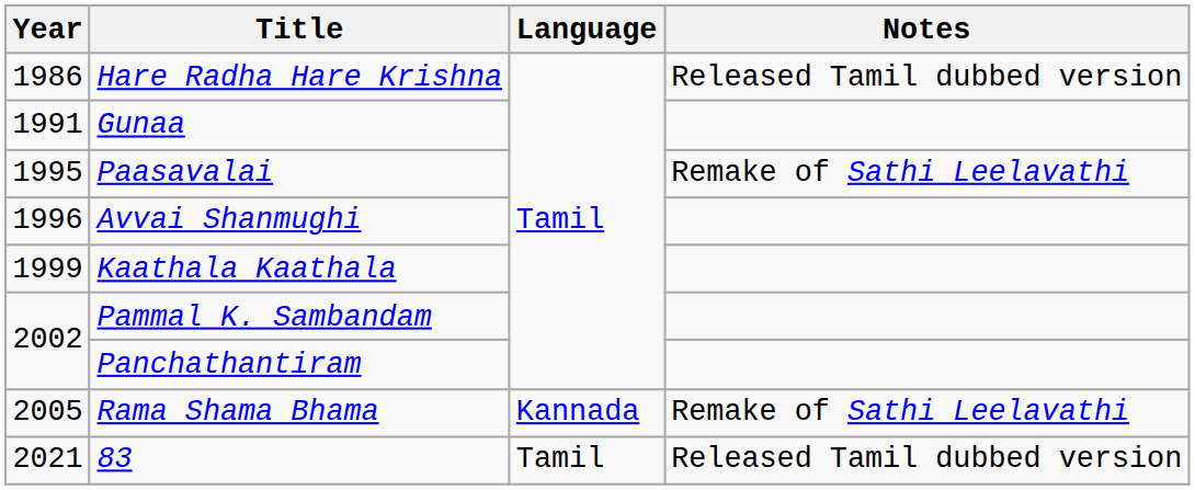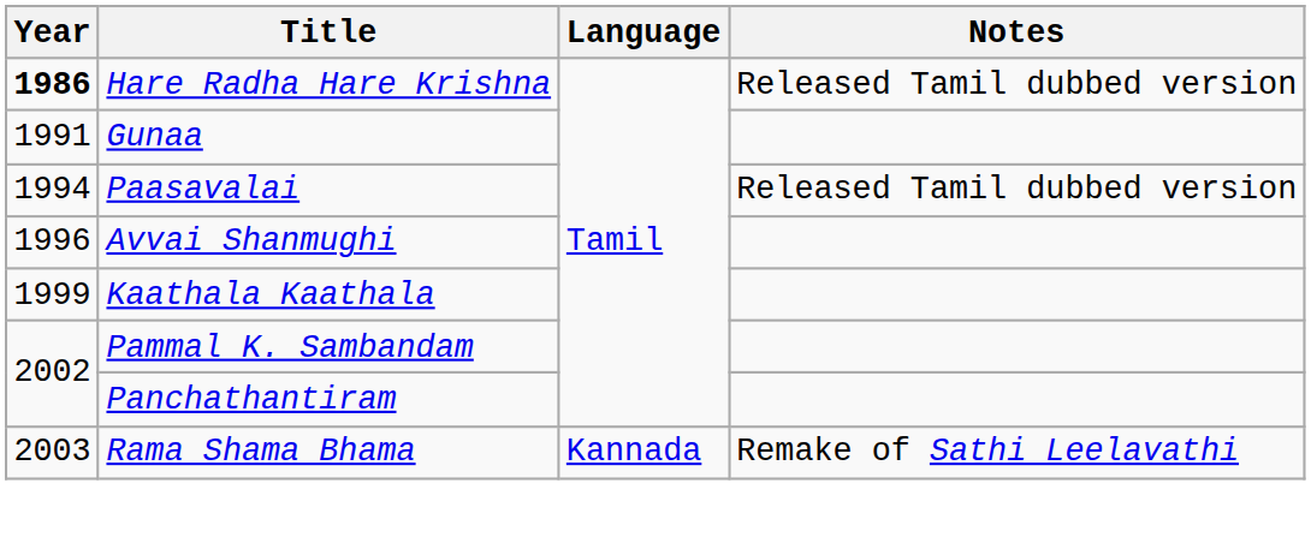 <table class="wikitable sortable">
 <tr>
 <th scope="col">Year</th>
 <th scope="col">Title</th>
 <th scope="col">Language</th>
 <th scope="col" class="unsortable">Notes</th>
 </tr>
 <tr>
-<td>1986</td>
+<td><strong>1986</strong></td>
 <td><em><a href='#'>Hare Radha Hare Krishna</a></em></td>
 <td rowspan="7"><a href='#'>Tamil</a></td>
 <td>Released Tamil dubbed version</td>
 </tr>
 <tr>
 <td>1991</td>
 <td><em><a href='#'>Gunaa</a></em></td>
 <td></td>
 </tr>
 <tr>
-<td>1995</td>
+<td>1994</td>
 <td><em><a href='#'>Paasavalai</a></em></td>
-<td>Remake of <em><a href='#'>Sathi Leelavathi</a></em></td>
+<td>Released Tamil dubbed version</td>
 </tr>
 <tr>
 <td>1996</td>
 <td><em><a href='#'>Avvai Shanmughi</a></em></td>
 <td></td>
 </tr>
 <tr>
 <td>1999</td>
 <td><em><a href='#'>Kaathala Kaathala</a></em></td>
 <td></td>
 </tr>
 <tr>
 <td rowspan="2">2002</td>
 <td><em><a href='#'>Pammal K. Sambandam</a></em></td>
 <td></td>
 </tr>
 <tr>
 <td><em><a href='#'>Panchathantiram</a></em></td>
 <td></td>
 </tr>
 <tr>
-<td>2005</td>
+<td>2003</td>
 <td><em><a href='#'>Rama Shama Bhama</a></em></td>
 <td><a href='#'>Kannada</a></td>
 <td>Remake of <em><a href='#'>Sathi Leelavathi</a></em></td>
 </tr>
-<tr>
-<td>2021</td>
-<td><em><a href='#'>83</a></em></td>
-<td>Tamil</td>
-<td>Released Tamil dubbed version</td>
-</tr>
 </table>
